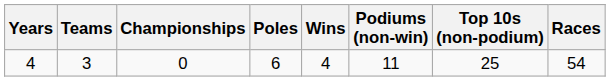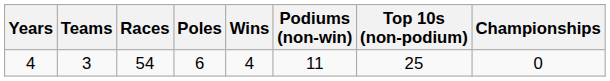 <table class="wikitable" style="text-align:center; font-size:95%">
 <tr>
 <th scope=col>Years</th>
 <th scope=col>Teams</th>
-<th scope=col>Championships</th>
+<th scope=col>Races</th>
 <th scope=col>Poles</th>
 <th scope=col>Wins</th>
 <th scope=col>Podiums<br>(non-win)</th>
 <th scope=col>Top 10s<br>(non-podium)</th>
-<th scope=col>Races</th>
+<th scope=col>Championships</th>
 </tr>
 <tr>
 <td>4</td>
 <td>3</td>
-<td>0</td>
+<td>54</td>
 <td>6</td>
 <td>4</td>
 <td>11</td>
 <td>25</td>
-<td>54</td>
+<td>0</td>
 </tr>
 </table>
